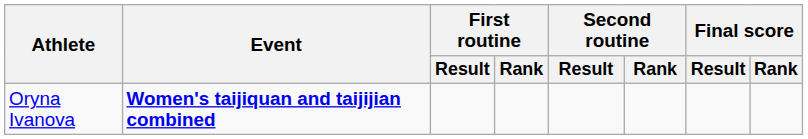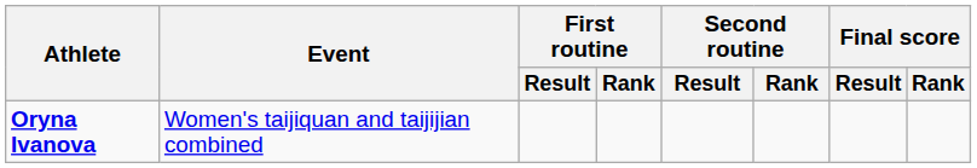 <table class=wikitable style=font-size:90%;text-align:center>
 <tr>
 <th rowspan="2">Athlete</th>
 <th rowspan="2">Event</th>
 <th colspan="2">First routine</th>
 <th colspan="2">Second routine</th>
 <th colspan="2">Final score</th>
 </tr>
 <tr style="font-size:95%">
 <th>Result</th>
 <th>Rank</th>
 <th>Result</th>
 <th>Rank</th>
 <th>Result</th>
 <th>Rank</th>
 </tr>
 <tr align=center>
-<td align=left><a href='#'>Oryna Ivanova</a></td>
-<td align=left><strong><a href='#'>Women's taijiquan and taijijian combined</a></strong></td>
+<td align=left><strong><a href='#'>Oryna Ivanova</a></strong></td>
+<td align=left><a href='#'>Women's taijiquan and taijijian combined</a></td>
 <td></td>
 <td></td>
 <td></td>
 <td></td>
 <td></td>
 <td></td>
 </tr>
 </table>
